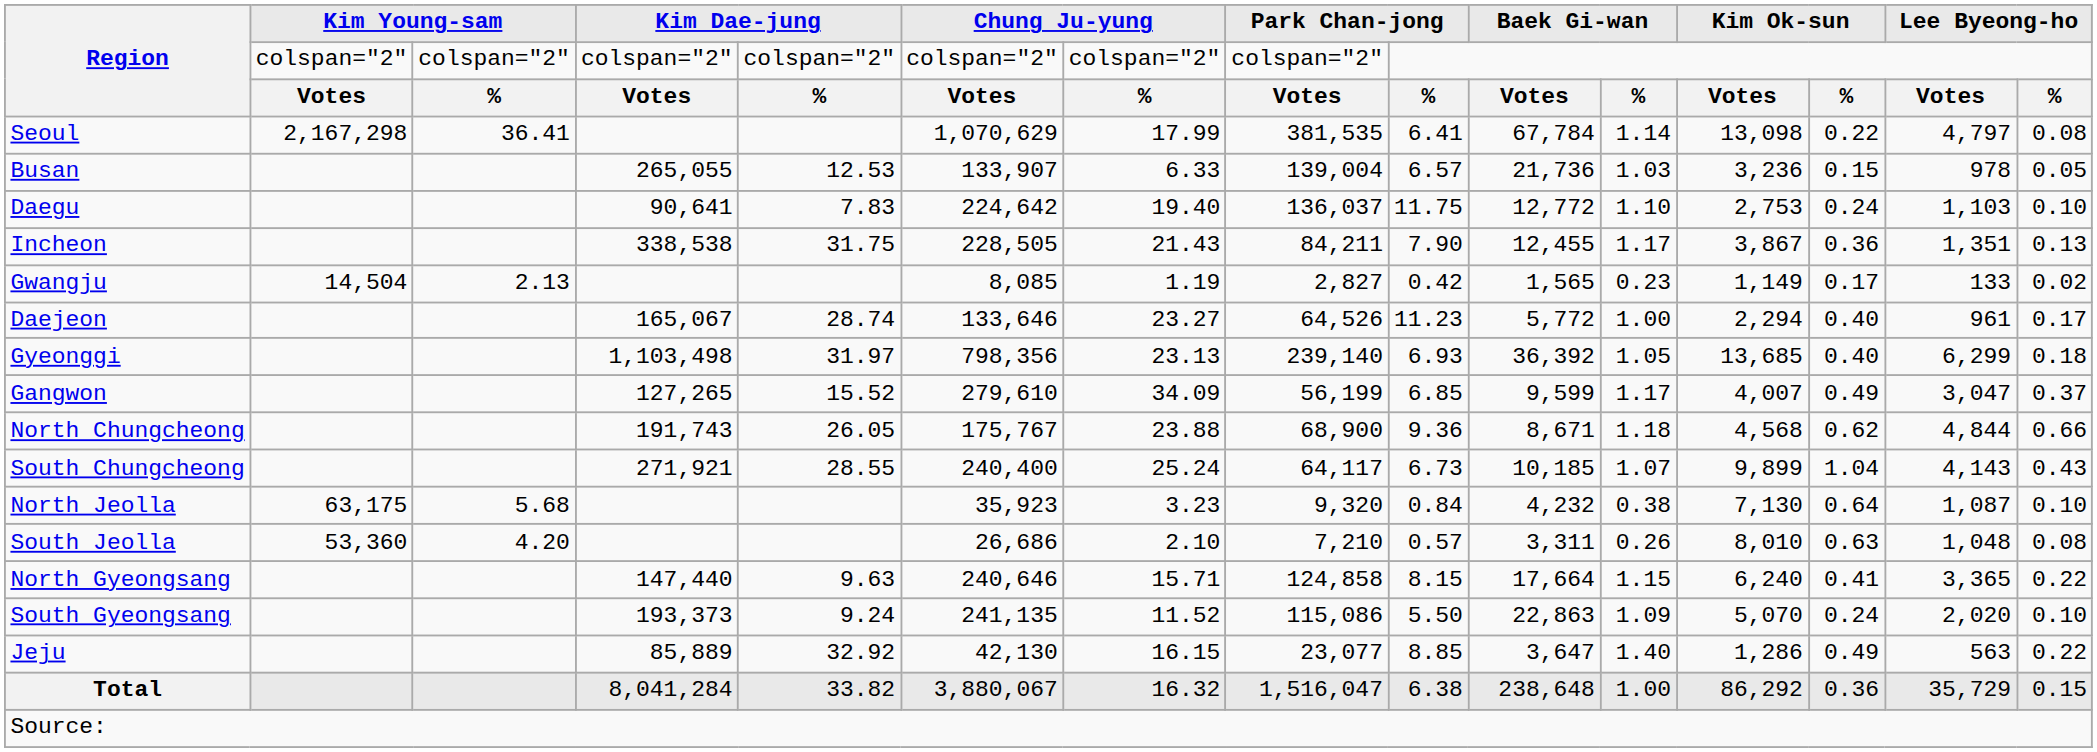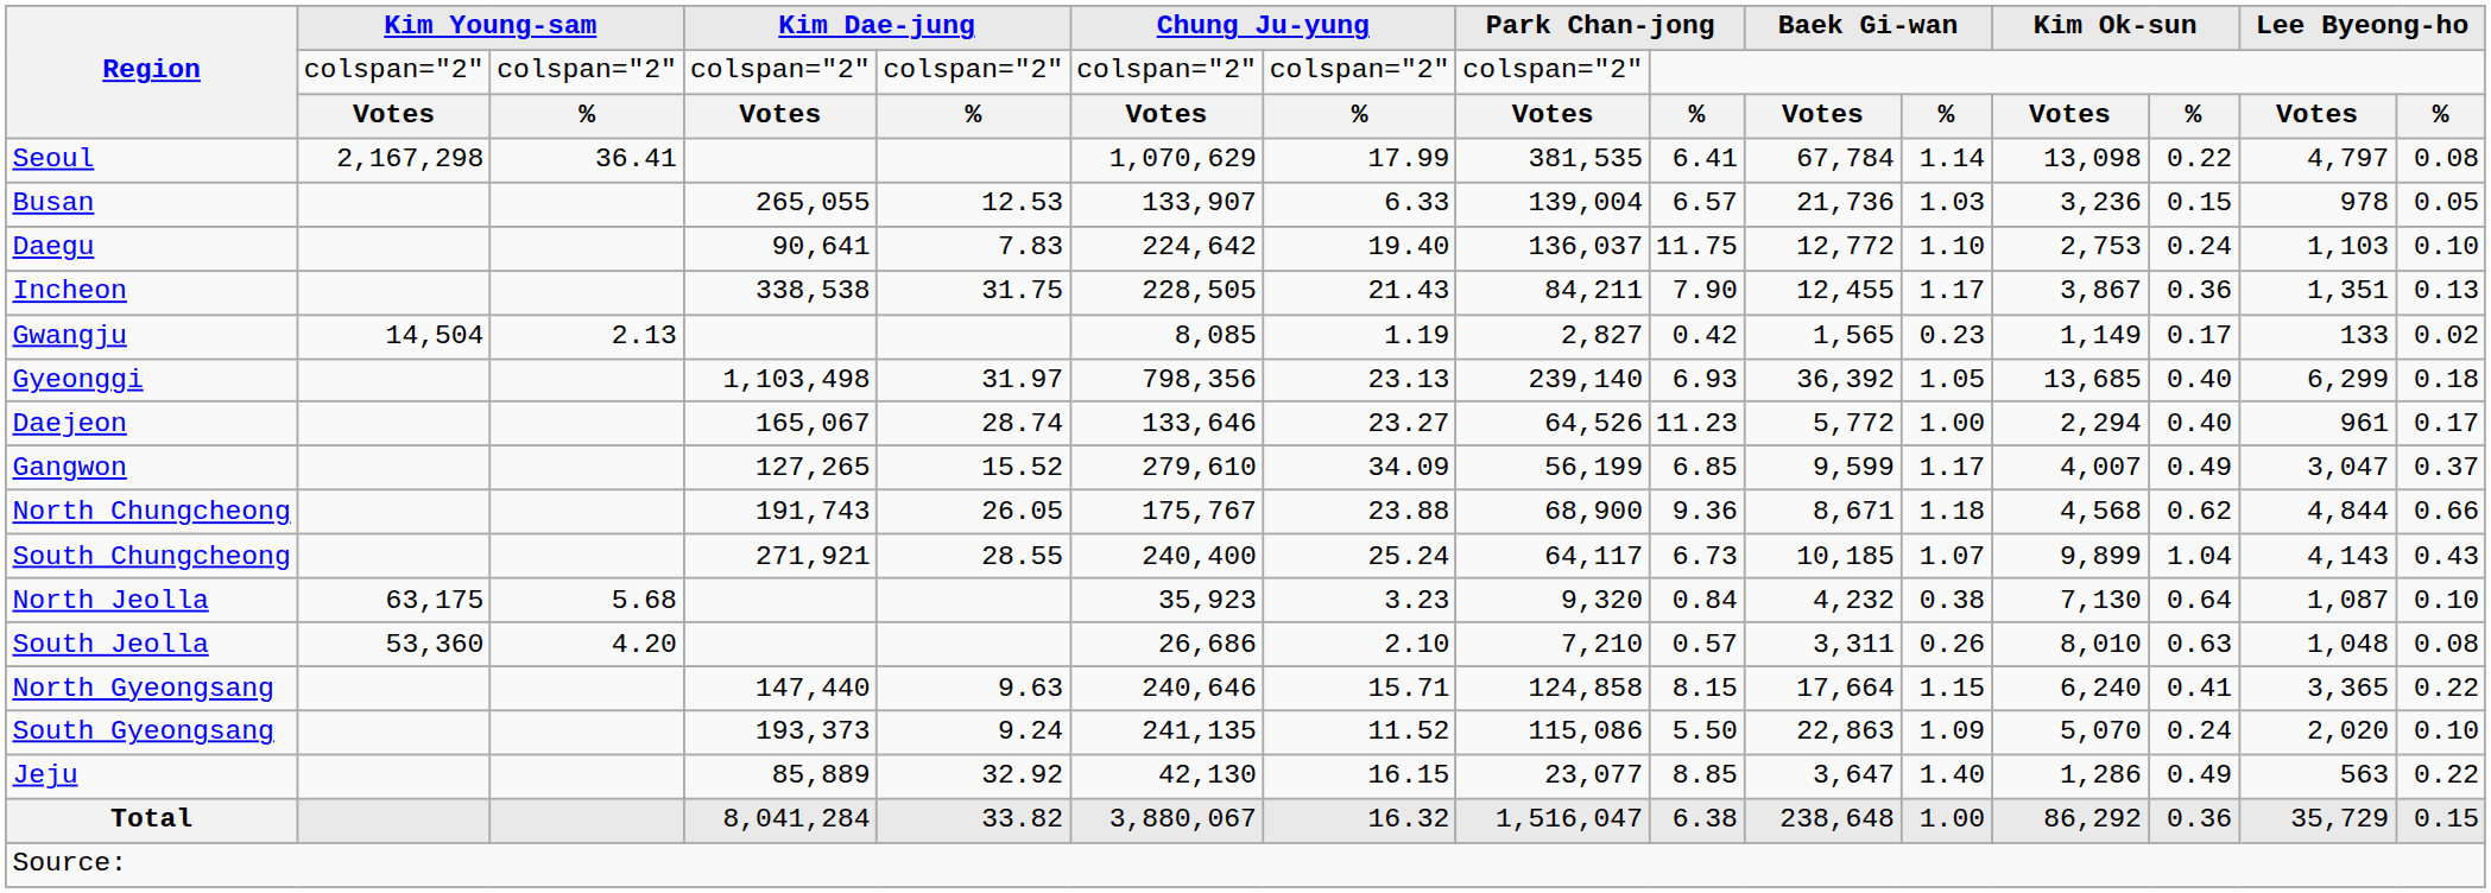 <table class="wikitable" style="text-align:right; font-size:95%">
 <tr>
 <th rowspan="3"><a href='#'>Region</a></th>
 <th colspan="2" align="center" style="background: #E9E9E9"><a href='#'>Kim Young-sam</a></th>
 <th colspan="2" align="center" style="background: #E9E9E9"><a href='#'>Kim Dae-jung</a></th>
 <th colspan="2" align="center" style="background: #E9E9E9"><a href='#'>Chung Ju-yung</a></th>
 <th colspan="2" align="center" style="background: #E9E9E9">Park Chan-jong</th>
 <th colspan="2" align="center" style="background: #E9E9E9">Baek Gi-wan</th>
 <th colspan="2" align="center" style="background: #E9E9E9">Kim Ok-sun</th>
 <th colspan="2" align="center" style="background: #E9E9E9">Lee Byeong-ho</th>
 </tr>
 <tr>
 <td>colspan="2" </td>
 <td>colspan="2" </td>
 <td>colspan="2" </td>
 <td>colspan="2" </td>
 <td>colspan="2" </td>
 <td>colspan="2" </td>
 <td>colspan="2" </td>
 </tr>
 <tr>
 <th width="65px">Votes</th>
 <th width="35px">%</th>
 <th width="65px">Votes</th>
 <th width="35px">%</th>
 <th width="65px">Votes</th>
 <th width="35px">%</th>
 <th width="65px">Votes</th>
 <th width="35px">%</th>
 <th width="65px">Votes</th>
 <th width="35px">%</th>
 <th width="65px">Votes</th>
 <th width="35px">%</th>
 <th width="65px">Votes</th>
 <th width="35px">%</th>
 </tr>
 <tr>
 <td align="left"><a href='#'>Seoul</a></td>
 <td>2,167,298</td>
 <td>36.41</td>
 <td bgcolor=></td>
 <td bgcolor=></td>
 <td>1,070,629</td>
 <td>17.99</td>
 <td>381,535</td>
 <td>6.41</td>
 <td>67,784</td>
 <td>1.14</td>
 <td>13,098</td>
 <td>0.22</td>
 <td>4,797</td>
 <td>0.08</td>
 </tr>
 <tr>
 <td align="left"><a href='#'>Busan</a></td>
 <td bgcolor=></td>
 <td bgcolor=></td>
 <td>265,055</td>
 <td>12.53</td>
 <td>133,907</td>
 <td>6.33</td>
 <td>139,004</td>
 <td>6.57</td>
 <td>21,736</td>
 <td>1.03</td>
 <td>3,236</td>
 <td>0.15</td>
 <td>978</td>
 <td>0.05</td>
 </tr>
 <tr>
 <td align="left"><a href='#'>Daegu</a></td>
 <td bgcolor=></td>
 <td bgcolor=></td>
 <td>90,641</td>
 <td>7.83</td>
 <td>224,642</td>
 <td>19.40</td>
 <td>136,037</td>
 <td>11.75</td>
 <td>12,772</td>
 <td>1.10</td>
 <td>2,753</td>
 <td>0.24</td>
 <td>1,103</td>
 <td>0.10</td>
 </tr>
 <tr>
 <td align="left"><a href='#'>Incheon</a></td>
 <td bgcolor=></td>
 <td bgcolor=></td>
 <td>338,538</td>
 <td>31.75</td>
 <td>228,505</td>
 <td>21.43</td>
 <td>84,211</td>
 <td>7.90</td>
 <td>12,455</td>
 <td>1.17</td>
 <td>3,867</td>
 <td>0.36</td>
 <td>1,351</td>
 <td>0.13</td>
 </tr>
 <tr>
 <td align="left"><a href='#'>Gwangju</a></td>
 <td>14,504</td>
 <td>2.13</td>
 <td bgcolor=></td>
 <td bgcolor=></td>
 <td>8,085</td>
 <td>1.19</td>
 <td>2,827</td>
 <td>0.42</td>
 <td>1,565</td>
 <td>0.23</td>
 <td>1,149</td>
 <td>0.17</td>
 <td>133</td>
 <td>0.02</td>
 </tr>
 <tr>
+<td align="left"><a href='#'>Gyeonggi</a></td>
+<td bgcolor=></td>
+<td bgcolor=></td>
+<td>1,103,498</td>
+<td>31.97</td>
+<td>798,356</td>
+<td>23.13</td>
+<td>239,140</td>
+<td>6.93</td>
+<td>36,392</td>
+<td>1.05</td>
+<td>13,685</td>
+<td>0.40</td>
+<td>6,299</td>
+<td>0.18</td>
+</tr>
+<tr>
 <td align="left"><a href='#'>Daejeon</a></td>
 <td bgcolor=></td>
 <td bgcolor=></td>
 <td>165,067</td>
 <td>28.74</td>
 <td>133,646</td>
 <td>23.27</td>
 <td>64,526</td>
 <td>11.23</td>
 <td>5,772</td>
 <td>1.00</td>
 <td>2,294</td>
 <td>0.40</td>
 <td>961</td>
 <td>0.17</td>
-</tr>
-<tr>
-<td align="left"><a href='#'>Gyeonggi</a></td>
-<td bgcolor=></td>
-<td bgcolor=></td>
-<td>1,103,498</td>
-<td>31.97</td>
-<td>798,356</td>
-<td>23.13</td>
-<td>239,140</td>
-<td>6.93</td>
-<td>36,392</td>
-<td>1.05</td>
-<td>13,685</td>
-<td>0.40</td>
-<td>6,299</td>
-<td>0.18</td>
 </tr>
 <tr>
 <td align="left"><a href='#'>Gangwon</a></td>
 <td bgcolor=></td>
 <td bgcolor=></td>
 <td>127,265</td>
 <td>15.52</td>
 <td>279,610</td>
 <td>34.09</td>
 <td>56,199</td>
 <td>6.85</td>
 <td>9,599</td>
 <td>1.17</td>
 <td>4,007</td>
 <td>0.49</td>
 <td>3,047</td>
 <td>0.37</td>
 </tr>
 <tr>
 <td align="left"><a href='#'>North Chungcheong</a></td>
 <td bgcolor=></td>
 <td bgcolor=></td>
 <td>191,743</td>
 <td>26.05</td>
 <td>175,767</td>
 <td>23.88</td>
 <td>68,900</td>
 <td>9.36</td>
 <td>8,671</td>
 <td>1.18</td>
 <td>4,568</td>
 <td>0.62</td>
 <td>4,844</td>
 <td>0.66</td>
 </tr>
 <tr>
 <td align="left"><a href='#'>South Chungcheong</a></td>
 <td bgcolor=></td>
 <td bgcolor=></td>
 <td>271,921</td>
 <td>28.55</td>
 <td>240,400</td>
 <td>25.24</td>
 <td>64,117</td>
 <td>6.73</td>
 <td>10,185</td>
 <td>1.07</td>
 <td>9,899</td>
 <td>1.04</td>
 <td>4,143</td>
 <td>0.43</td>
 </tr>
 <tr>
 <td align="left"><a href='#'>North Jeolla</a></td>
 <td>63,175</td>
 <td>5.68</td>
 <td bgcolor=></td>
 <td bgcolor=></td>
 <td>35,923</td>
 <td>3.23</td>
 <td>9,320</td>
 <td>0.84</td>
 <td>4,232</td>
 <td>0.38</td>
 <td>7,130</td>
 <td>0.64</td>
 <td>1,087</td>
 <td>0.10</td>
 </tr>
 <tr>
 <td align="left"><a href='#'>South Jeolla</a></td>
 <td>53,360</td>
 <td>4.20</td>
 <td bgcolor=></td>
 <td bgcolor=></td>
 <td>26,686</td>
 <td>2.10</td>
 <td>7,210</td>
 <td>0.57</td>
 <td>3,311</td>
 <td>0.26</td>
 <td>8,010</td>
 <td>0.63</td>
 <td>1,048</td>
 <td>0.08</td>
 </tr>
 <tr>
 <td align="left"><a href='#'>North Gyeongsang</a></td>
 <td bgcolor=></td>
 <td bgcolor=></td>
 <td>147,440</td>
 <td>9.63</td>
 <td>240,646</td>
 <td>15.71</td>
 <td>124,858</td>
 <td>8.15</td>
 <td>17,664</td>
 <td>1.15</td>
 <td>6,240</td>
 <td>0.41</td>
 <td>3,365</td>
 <td>0.22</td>
 </tr>
 <tr>
 <td align="left"><a href='#'>South Gyeongsang</a></td>
 <td bgcolor=></td>
 <td bgcolor=></td>
 <td>193,373</td>
 <td>9.24</td>
 <td>241,135</td>
 <td>11.52</td>
 <td>115,086</td>
 <td>5.50</td>
 <td>22,863</td>
 <td>1.09</td>
 <td>5,070</td>
 <td>0.24</td>
 <td>2,020</td>
 <td>0.10</td>
 </tr>
 <tr>
 <td align="left"><a href='#'>Jeju</a></td>
 <td bgcolor=></td>
 <td bgcolor=></td>
 <td>85,889</td>
 <td>32.92</td>
 <td>42,130</td>
 <td>16.15</td>
 <td>23,077</td>
 <td>8.85</td>
 <td>3,647</td>
 <td>1.40</td>
 <td>1,286</td>
 <td>0.49</td>
 <td>563</td>
 <td>0.22</td>
 </tr>
 <tr style="background:#E9E9E9">
 <th align="left"><strong>Total</strong></th>
 <td bgcolor=></td>
 <td bgcolor=></td>
 <td>8,041,284</td>
 <td>33.82</td>
 <td>3,880,067</td>
 <td>16.32</td>
 <td>1,516,047</td>
 <td>6.38</td>
 <td>238,648</td>
 <td>1.00</td>
 <td>86,292</td>
 <td>0.36</td>
 <td>35,729</td>
 <td>0.15</td>
 </tr>
 <tr>
 <td colspan="15" align="left">Source: </td>
 </tr>
 </table>
